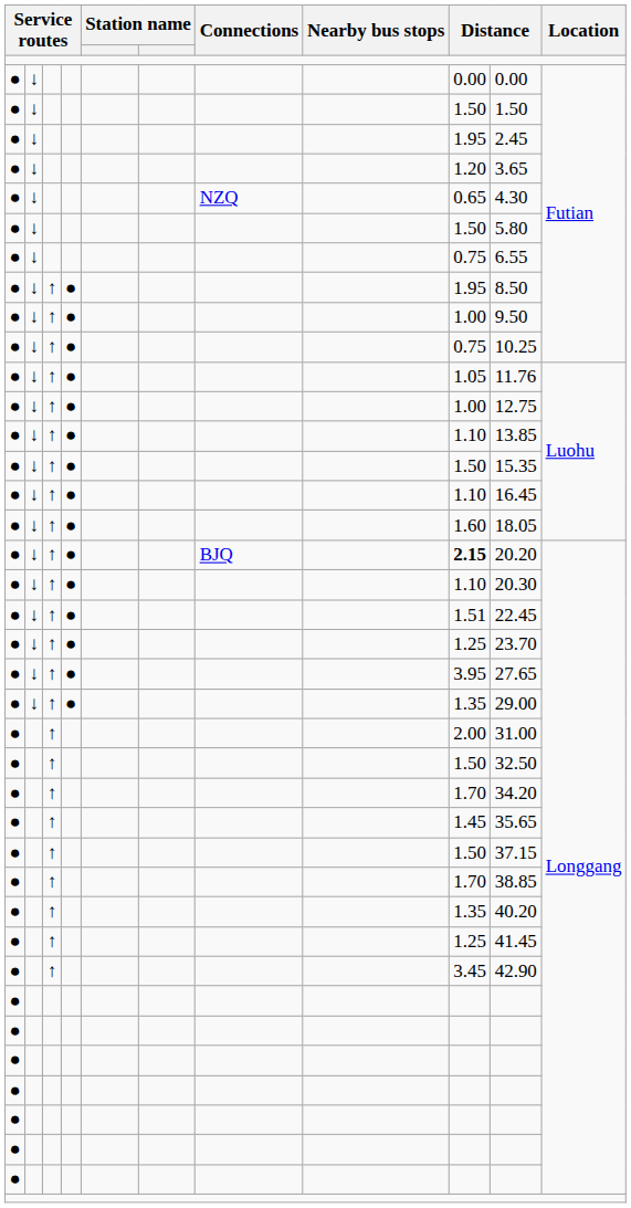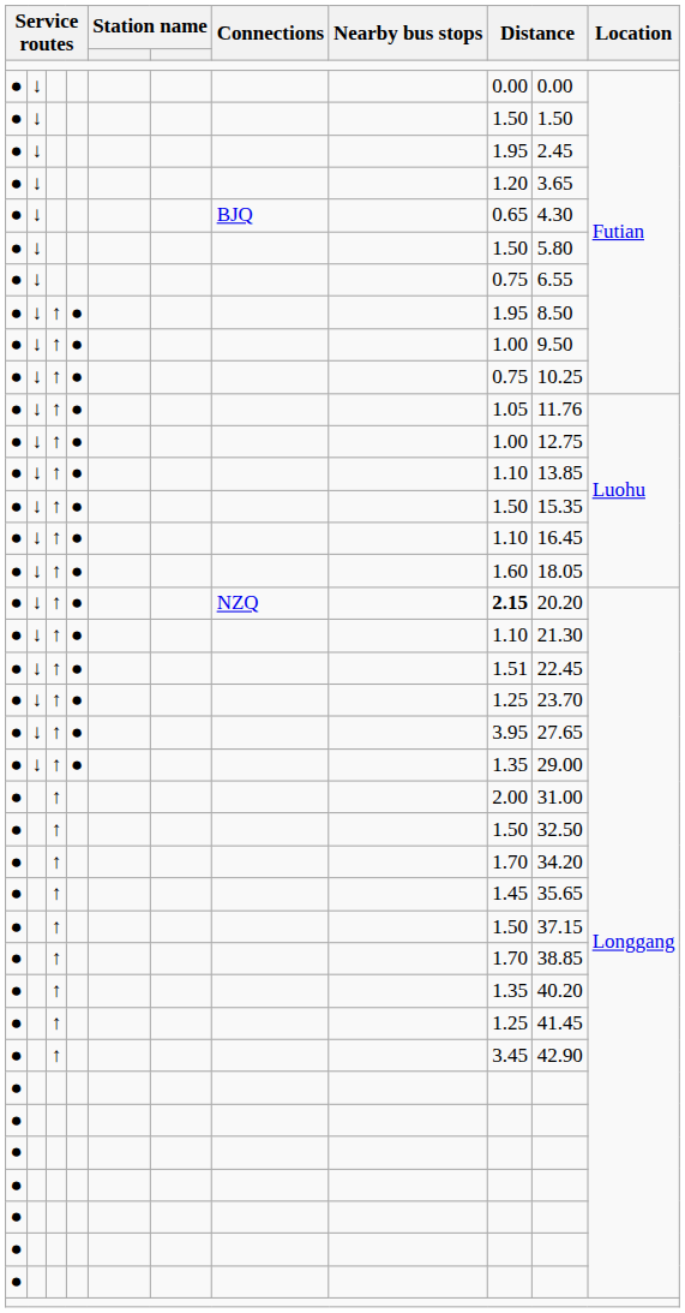 <table class="wikitable">
 <tr>
 <th rowspan="2" colspan="4">Service<br>routes</th>
 <th colspan="2">Station name</th>
 <th rowspan="2">Connections</th>
 <th rowspan="2">Nearby bus stops</th>
 <th colspan="2" rowspan="2">Distance<br></th>
 <th rowspan="2">Location</th>
 </tr>
 <tr>
 <th></th>
 <th></th>
 </tr>
 <tr style="background:#">
 <td colspan = "11"></td>
 </tr>
 <tr>
 <td align="center">●</td>
 <td align="center">↓</td>
 <td align="center"></td>
 <td align="center"></td>
 <td></td>
 <td></td>
 <td></td>
 <td></td>
 <td>0.00</td>
 <td>0.00</td>
 <td rowspan=10><a href='#'>Futian</a></td>
 </tr>
 <tr>
 <td align="center">●</td>
 <td align="center">↓</td>
 <td align="center"></td>
 <td align="center"></td>
 <td></td>
 <td></td>
 <td></td>
 <td></td>
 <td>1.50</td>
 <td>1.50</td>
 </tr>
 <tr>
 <td align="center">●</td>
 <td align="center">↓</td>
 <td align="center"></td>
 <td align="center"></td>
 <td></td>
 <td></td>
 <td></td>
 <td></td>
 <td>1.95</td>
 <td>2.45</td>
 </tr>
 <tr>
 <td align="center">●</td>
 <td align="center">↓</td>
 <td align="center"></td>
 <td align="center"></td>
 <td></td>
 <td></td>
 <td></td>
 <td></td>
 <td>1.20</td>
 <td>3.65</td>
 </tr>
 <tr>
 <td align="center">●</td>
 <td align="center">↓</td>
 <td align="center"></td>
 <td align="center"></td>
 <td></td>
 <td></td>
-<td>     <a href='#'>NZQ</a></td>
+<td>   <a href='#'>BJQ</a> </td>
 <td></td>
 <td>0.65</td>
 <td>4.30</td>
 </tr>
 <tr>
 <td align="center">●</td>
 <td align="center">↓</td>
 <td align="center"></td>
 <td align="center"></td>
 <td></td>
 <td></td>
 <td></td>
 <td></td>
 <td>1.50</td>
 <td>5.80</td>
 </tr>
 <tr>
 <td align="center">●</td>
 <td align="center">↓</td>
 <td align="center"></td>
 <td align="center"></td>
 <td></td>
 <td></td>
 <td></td>
 <td></td>
 <td>0.75</td>
 <td>6.55</td>
 </tr>
 <tr>
 <td align="center">●</td>
 <td align="center">↓</td>
 <td align="center">↑</td>
 <td align="center">●</td>
 <td></td>
 <td></td>
 <td></td>
 <td></td>
 <td>1.95</td>
 <td>8.50</td>
 </tr>
 <tr>
 <td align="center">●</td>
 <td align="center">↓</td>
 <td align="center">↑</td>
 <td align="center">●</td>
 <td></td>
 <td></td>
 <td></td>
 <td></td>
 <td>1.00</td>
 <td>9.50</td>
 </tr>
 <tr>
 <td align="center">●</td>
 <td align="center">↓</td>
 <td align="center">↑</td>
 <td align="center">●</td>
 <td></td>
 <td></td>
 <td></td>
 <td></td>
 <td>0.75</td>
 <td>10.25</td>
 </tr>
 <tr>
 <td align="center">●</td>
 <td align="center">↓</td>
 <td align="center">↑</td>
 <td align="center">●</td>
 <td></td>
 <td></td>
 <td> </td>
 <td></td>
 <td>1.05</td>
 <td>11.76</td>
 <td rowspan=6><a href='#'>Luohu</a></td>
 </tr>
 <tr>
 <td align="center">●</td>
 <td align="center">↓</td>
 <td align="center">↑</td>
 <td align="center">●</td>
 <td></td>
 <td></td>
 <td></td>
 <td></td>
 <td>1.00</td>
 <td>12.75</td>
 </tr>
 <tr>
 <td align="center">●</td>
 <td align="center">↓</td>
 <td align="center">↑</td>
 <td align="center">●</td>
 <td></td>
 <td></td>
 <td></td>
 <td></td>
 <td>1.10</td>
 <td>13.85</td>
 </tr>
 <tr>
 <td align="center">●</td>
 <td align="center">↓</td>
 <td align="center">↑</td>
 <td align="center">●</td>
 <td></td>
 <td></td>
 <td></td>
 <td></td>
 <td>1.50</td>
 <td>15.35</td>
 </tr>
 <tr>
 <td align="center">●</td>
 <td align="center">↓</td>
 <td align="center">↑</td>
 <td align="center">●</td>
 <td></td>
 <td></td>
 <td></td>
 <td></td>
 <td>1.10</td>
 <td>16.45</td>
 </tr>
 <tr>
 <td align="center">●</td>
 <td align="center">↓</td>
 <td align="center">↑</td>
 <td align="center">●</td>
 <td></td>
 <td></td>
 <td></td>
 <td></td>
 <td>1.60</td>
 <td>18.05</td>
 </tr>
 <tr>
 <td align="center">●</td>
 <td align="center">↓</td>
 <td align="center">↑</td>
 <td align="center">●</td>
 <td></td>
 <td></td>
-<td>   <a href='#'>BJQ</a> </td>
+<td>     <a href='#'>NZQ</a></td>
 <td></td>
 <td><strong>2.15</strong></td>
 <td>20.20</td>
 <td rowspan=22><a href='#'>Longgang</a></td>
 </tr>
 <tr>
 <td align="center">●</td>
 <td align="center">↓</td>
 <td align="center">↑</td>
 <td align="center">●</td>
 <td></td>
 <td></td>
 <td></td>
 <td></td>
 <td>1.10</td>
-<td>20.30</td>
+<td>21.30</td>
 </tr>
 <tr>
 <td align="center">●</td>
 <td align="center">↓</td>
 <td align="center">↑</td>
 <td align="center">●</td>
 <td></td>
 <td></td>
 <td></td>
 <td></td>
 <td>1.51</td>
 <td>22.45</td>
 </tr>
 <tr>
 <td align="center">●</td>
 <td align="center">↓</td>
 <td align="center">↑</td>
 <td align="center">●</td>
 <td></td>
 <td></td>
 <td></td>
 <td></td>
 <td>1.25</td>
 <td>23.70</td>
 </tr>
 <tr>
 <td align="center">●</td>
 <td align="center">↓</td>
 <td align="center">↑</td>
 <td align="center">●</td>
 <td></td>
 <td></td>
 <td></td>
 <td></td>
 <td>3.95</td>
 <td>27.65</td>
 </tr>
 <tr>
 <td align="center">●</td>
 <td align="center">↓</td>
 <td align="center">↑</td>
 <td align="center">●</td>
 <td></td>
 <td></td>
 <td></td>
 <td></td>
 <td>1.35</td>
 <td>29.00</td>
 </tr>
 <tr>
 <td align="center">●</td>
 <td align="center"></td>
 <td align="center">↑</td>
 <td align="center"></td>
 <td></td>
 <td></td>
 <td></td>
 <td></td>
 <td>2.00</td>
 <td>31.00</td>
 </tr>
 <tr>
 <td align="center">●</td>
 <td align="center"></td>
 <td align="center">↑</td>
 <td align="center"></td>
 <td></td>
 <td></td>
 <td></td>
 <td></td>
 <td>1.50</td>
 <td>32.50</td>
 </tr>
 <tr>
 <td align="center">●</td>
 <td align="center"></td>
 <td align="center">↑</td>
 <td align="center"></td>
 <td></td>
 <td></td>
 <td></td>
 <td></td>
 <td>1.70</td>
 <td>34.20</td>
 </tr>
 <tr>
 <td align="center">●</td>
 <td align="center"></td>
 <td align="center">↑</td>
 <td align="center"></td>
 <td></td>
 <td></td>
 <td> </td>
 <td></td>
 <td>1.45</td>
 <td>35.65</td>
 </tr>
 <tr>
 <td align="center">●</td>
 <td align="center"></td>
 <td align="center">↑</td>
 <td align="center"></td>
 <td></td>
 <td></td>
 <td></td>
 <td></td>
 <td>1.50</td>
 <td>37.15</td>
 </tr>
 <tr>
 <td align="center">●</td>
 <td align="center"></td>
 <td align="center">↑</td>
 <td align="center"></td>
 <td></td>
 <td></td>
 <td></td>
 <td></td>
 <td>1.70</td>
 <td>38.85</td>
 </tr>
 <tr>
 <td align="center">●</td>
 <td align="center"></td>
 <td align="center">↑</td>
 <td align="center"></td>
 <td></td>
 <td></td>
 <td></td>
 <td></td>
 <td>1.35</td>
 <td>40.20</td>
 </tr>
 <tr>
 <td align="center">●</td>
 <td align="center"></td>
 <td align="center">↑</td>
 <td align="center"></td>
 <td></td>
 <td></td>
 <td></td>
 <td></td>
 <td>1.25</td>
 <td>41.45</td>
 </tr>
 <tr>
 <td align="center">●</td>
 <td align="center"></td>
 <td align="center">↑</td>
 <td align="center"></td>
 <td></td>
 <td></td>
 <td></td>
 <td></td>
 <td>3.45</td>
 <td>42.90</td>
 </tr>
 <tr>
 <td align="center">●</td>
 <td align="center"></td>
 <td align="center"></td>
 <td align="center"></td>
 <td></td>
 <td></td>
 <td></td>
 <td></td>
 <td></td>
 <td></td>
 </tr>
 <tr>
 <td align="center">●</td>
 <td align="center"></td>
 <td align="center"></td>
 <td align="center"></td>
 <td></td>
 <td></td>
 <td></td>
 <td></td>
 <td></td>
 <td></td>
 </tr>
 <tr>
 <td align="center">●</td>
 <td align="center"></td>
 <td align="center"></td>
 <td align="center"></td>
 <td></td>
 <td></td>
 <td></td>
 <td></td>
 <td></td>
 <td></td>
 </tr>
 <tr>
 <td align="center">●</td>
 <td align="center"></td>
 <td align="center"></td>
 <td align="center"></td>
 <td></td>
 <td></td>
 <td></td>
 <td></td>
 <td></td>
 <td></td>
 </tr>
 <tr>
 <td align="center">●</td>
 <td align="center"></td>
 <td align="center"></td>
 <td align="center"></td>
 <td></td>
 <td></td>
 <td></td>
 <td></td>
 <td></td>
 <td></td>
 </tr>
 <tr>
 <td align="center">●</td>
 <td align="center"></td>
 <td align="center"></td>
 <td align="center"></td>
 <td></td>
 <td></td>
 <td></td>
 <td></td>
 <td></td>
 <td></td>
 </tr>
 <tr>
 <td align="center">●</td>
 <td align="center"></td>
 <td align="center"></td>
 <td align="center"></td>
 <td></td>
 <td></td>
 <td></td>
 <td></td>
 <td></td>
 <td></td>
 </tr>
 <tr style="background:#">
 <td colspan = "11"></td>
 </tr>
 </table>
